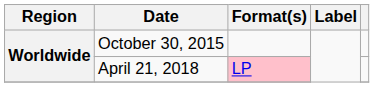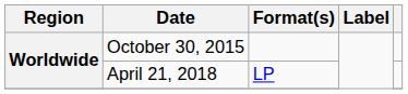 <table class="wikitable plainrowheaders">
 <tr>
 <th scope="col">Region</th>
 <th scope="col">Date</th>
 <th scope="col">Format(s)</th>
 <th scope="col">Label</th>
 <th scope="col"></th>
 </tr>
 <tr>
 <th rowspan="2" scope="row">Worldwide</th>
 <td>October 30, 2015</td>
 <td></td>
 <td rowspan="3"></td>
 <td></td>
 </tr>
 <tr>
 <td>April 21, 2018</td>
-<td style="background: pink;"><a href='#'>LP</a></td>
+<td><a href='#'>LP</a></td>
 <td></td>
 </tr>
 <tr>
 </tr>
 </table>
